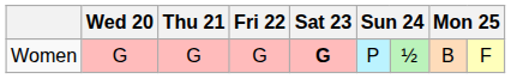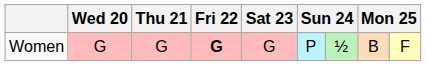 <table class="wikitable" style="margin:0.5em auto; font-size:90%; line-height:1.25em; text-align:center;">
 <tr>
 <th></th>
 <th>Wed 20</th>
 <th>Thu 21</th>
 <th>Fri 22</th>
 <th>Sat 23</th>
 <th colspan="2">Sun 24</th>
 <th colspan="2">Mon 25</th>
 </tr>
 <tr>
 <td>Women</td>
 <td bgcolor="#FFBBBB">G</td>
 <td bgcolor="#FFBBBB">G</td>
+<td bgcolor="#FFBBBB"><strong>G</strong></td>
 <td bgcolor="#FFBBBB">G</td>
-<td bgcolor="#FFBBBB"><strong>G</strong></td>
 <td bgcolor="#BBF3FF">P</td>
 <td bgcolor="#BBF3BB">½</td>
 <td bgcolor="#FEDCBA">B</td>
 <td bgcolor="#FFFFBB">F</td>
 </tr>
 </table>
